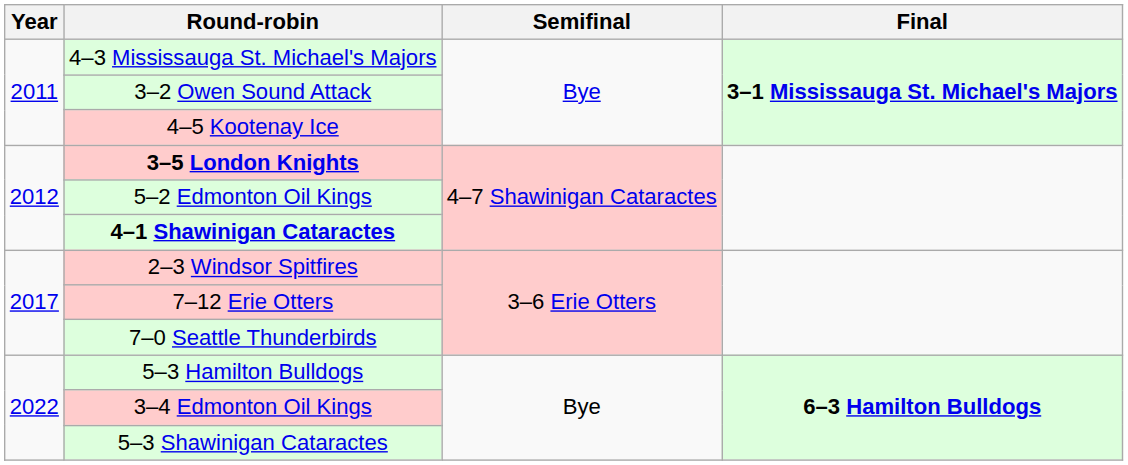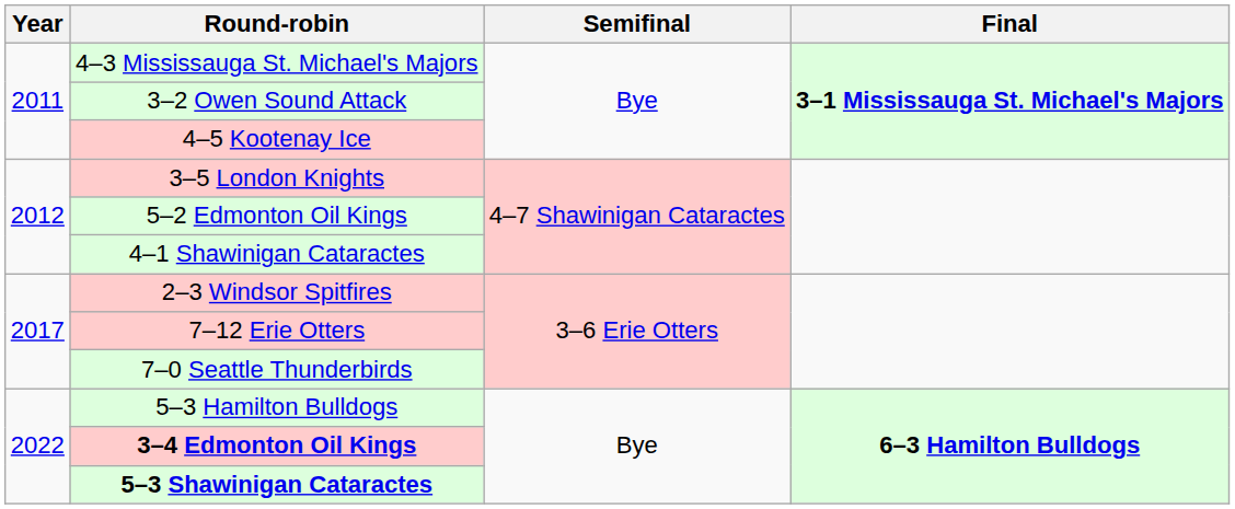 <table class="wikitable" style="text-align:center">
 <tr>
 <th>Year</th>
 <th>Round-robin</th>
 <th>Semifinal</th>
 <th>Final</th>
 </tr>
 <tr>
 <td rowspan="3"><a href='#'>2011</a></td>
 <td style="background:#DDFFDD">4–3 <a href='#'>Mississauga St. Michael's Majors</a></td>
 <td rowspan="3"><a href='#'>Bye</a></td>
 <td rowspan="3" style="background:#DDFFDD"><strong>3–1 <a href='#'>Mississauga St. Michael's Majors</a></strong></td>
 </tr>
 <tr>
 <td style="background:#DDFFDD">3–2 <a href='#'>Owen Sound Attack</a></td>
 </tr>
 <tr>
 <td style="background:#FFCCCC">4–5 <a href='#'>Kootenay Ice</a></td>
 </tr>
 <tr>
 <td rowspan="3"><a href='#'>2012</a></td>
-<td style="background:#FFCCCC"><strong>3–5 <a href='#'>London Knights</a></strong></td>
+<td style="background:#FFCCCC">3–5 <a href='#'>London Knights</a></td>
 <td rowspan="3" style="background:#FFCCCC">4–7 <a href='#'>Shawinigan Cataractes</a></td>
 <td rowspan="3"></td>
 </tr>
 <tr>
 <td style="background:#DDFFDD">5–2 <a href='#'>Edmonton Oil Kings</a></td>
 </tr>
 <tr>
-<td style="background:#DDFFDD"><strong>4–1 <a href='#'>Shawinigan Cataractes</a></strong></td>
+<td style="background:#DDFFDD">4–1 <a href='#'>Shawinigan Cataractes</a></td>
 </tr>
 <tr>
 <td rowspan="3"><a href='#'>2017</a></td>
 <td style="background:#FFCCCC">2–3 <a href='#'>Windsor Spitfires</a></td>
 <td rowspan="3" style="background:#FFCCCC">3–6 <a href='#'>Erie Otters</a></td>
 <td rowspan="3"></td>
 </tr>
 <tr>
 <td style="background:#FFCCCC">7–12 <a href='#'>Erie Otters</a></td>
 </tr>
 <tr>
 <td style="background:#DDFFDD">7–0 <a href='#'>Seattle Thunderbirds</a></td>
 </tr>
 <tr>
 <td rowspan="3"><a href='#'>2022</a></td>
 <td style="background:#DDFFDD">5–3 <a href='#'>Hamilton Bulldogs</a></td>
 <td rowspan="3">Bye</td>
 <td rowspan="3" style="background:#DDFFDD"><strong>6–3 <a href='#'>Hamilton Bulldogs</a></strong></td>
 </tr>
 <tr>
-<td style="background:#FFCCCC">3–4 <a href='#'>Edmonton Oil Kings</a></td>
+<td style="background:#FFCCCC"><strong>3–4 <a href='#'>Edmonton Oil Kings</a></strong></td>
 </tr>
 <tr>
-<td style="background:#DDFFDD">5–3 <a href='#'>Shawinigan Cataractes</a></td>
+<td style="background:#DDFFDD"><strong>5–3 <a href='#'>Shawinigan Cataractes</a></strong></td>
 </tr>
 </table>
